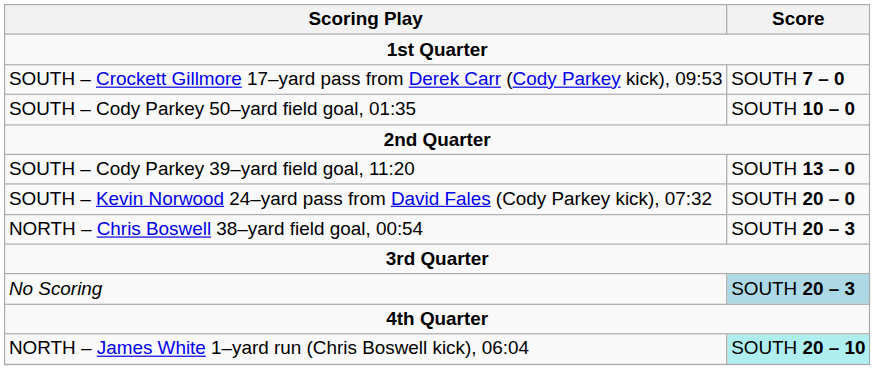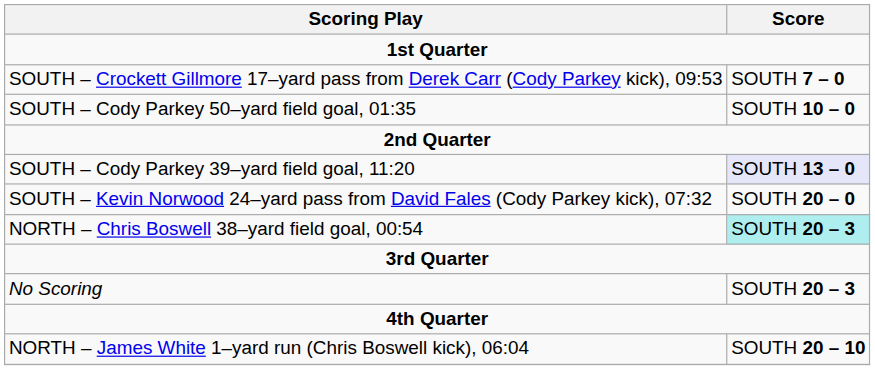 <table class="wikitable">
 <tr>
 <th>Scoring Play</th>
 <th>Score</th>
 </tr>
 <tr>
 <td colspan="4" align="center"><strong>1st Quarter</strong></td>
 </tr>
 <tr>
 <td>SOUTH – <a href='#'>Crockett Gillmore</a> 17–yard pass from <a href='#'>Derek Carr</a> (<a href='#'>Cody Parkey</a> kick), 09:53</td>
 <td>SOUTH <strong>7 – 0</strong></td>
 </tr>
 <tr>
 <td>SOUTH – Cody Parkey 50–yard field goal, 01:35</td>
 <td>SOUTH <strong>10 – 0</strong></td>
 </tr>
 <tr>
 <td colspan="4" align="center"><strong>2nd Quarter</strong></td>
 </tr>
 <tr>
 <td>SOUTH – Cody Parkey 39–yard field goal, 11:20</td>
-<td>SOUTH <strong>13 – 0</strong></td>
+<td style="background: lavender;">SOUTH <strong>13 – 0</strong></td>
 </tr>
 <tr>
 <td>SOUTH – <a href='#'>Kevin Norwood</a> 24–yard pass from <a href='#'>David Fales</a> (Cody Parkey kick), 07:32</td>
 <td>SOUTH <strong>20 – 0</strong></td>
 </tr>
 <tr>
 <td>NORTH – <a href='#'>Chris Boswell</a> 38–yard field goal, 00:54</td>
-<td>SOUTH <strong>20 – 3</strong></td>
+<td style="background: paleturquoise;">SOUTH <strong>20 – 3</strong></td>
 </tr>
 <tr>
 <td colspan="4" align="center"><strong>3rd Quarter</strong></td>
 </tr>
 <tr>
 <td><em>No Scoring</em></td>
-<td style="background: lightblue;">SOUTH <strong>20 – 3</strong></td>
+<td>SOUTH <strong>20 – 3</strong></td>
 </tr>
 <tr>
 <td colspan="4" align="center"><strong>4th Quarter</strong></td>
 </tr>
 <tr>
 <td>NORTH – <a href='#'>James White</a> 1–yard run (Chris Boswell kick), 06:04</td>
-<td style="background: paleturquoise;">SOUTH <strong>20 – 10</strong></td>
+<td>SOUTH <strong>20 – 10</strong></td>
 </tr>
 <tr>
 </tr>
 </table>
